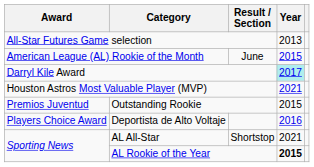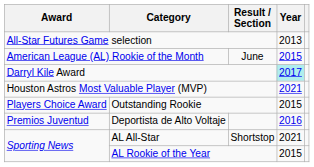 <table class="wikitable">
 <tr>
 <th>Award</th>
 <th>Category</th>
 <th>Result /<br> Section</th>
 <th>Year</th>
 <th></th>
 </tr>
 <tr>
 <td colspan="3"><a href='#'>All-Star Futures Game</a> selection</td>
 <td style="text-align:center;">2013</td>
 <td style="text-align:center;"></td>
 </tr>
 <tr>
 <td colspan="2"><a href='#'>American League (AL) Rookie of the Month</a></td>
 <td style="text-align:center;">June</td>
 <td style="text-align:center;"><a href='#'>2015</a></td>
 <td style="text-align:center;"></td>
 </tr>
 <tr>
 <td colspan="3"><a href='#'>Darryl Kile</a> Award</td>
 <td style="background: paleturquoise; text-align:center;"><a href='#'>2017</a></td>
 <td style="text-align:center;"></td>
 </tr>
 <tr>
 <td colspan="3">Houston Astros <a href='#'>Most Valuable Player</a> (MVP)</td>
 <td style="text-align:center;"><a href='#'>2021</a></td>
 <td style="text-align:center;"></td>
 </tr>
 <tr>
-<td><a href='#'>Premios Juventud</a></td>
+<td><a href='#'>Players Choice Award</a></td>
 <td colspan="2">Outstanding Rookie</td>
 <td style="text-align:center;">2015</td>
 <td style="text-align:center;"></td>
 </tr>
 <tr>
-<td><a href='#'>Players Choice Award</a></td>
+<td><a href='#'>Premios Juventud</a></td>
 <td>Deportista de Alto Voltaje</td>
 <td></td>
 <td style="text-align:center;"><a href='#'>2016</a></td>
 <td style="text-align:center;"></td>
 </tr>
 <tr>
 <td rowspan="2"><em><a href='#'>Sporting News</a></em></td>
 <td>AL All-Star</td>
 <td style="text-align:center;">Shortstop</td>
 <td style="text-align:center;">2021</td>
 <td style="text-align:center;"></td>
 </tr>
 <tr>
 <td colspan="2"><a href='#'>AL Rookie of the Year</a></td>
-<td style="text-align:center;"><strong>2015</strong></td>
+<td style="text-align:center;">2015</td>
 <td style="text-align:center;"></td>
 </tr>
 </table>
